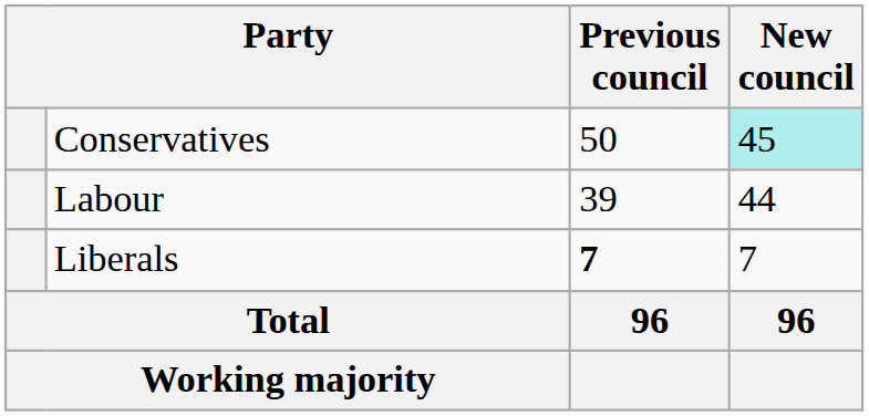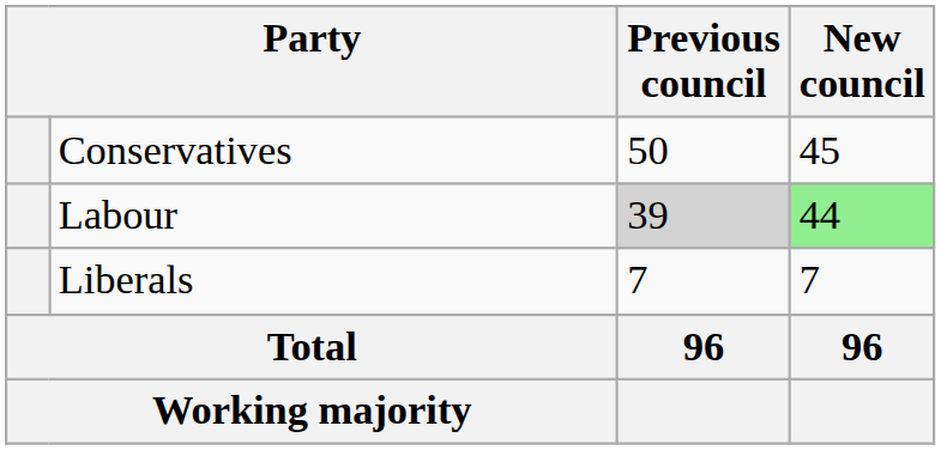 <table class="wikitable">
 <tr>
 <th valign=top colspan="2" style="width: 230px">Party</th>
 <th valign=top style="width: 30px">Previous council</th>
 <th valign=top style="width: 30px">New council</th>
 </tr>
 <tr>
 <th style="background-color: "></th>
 <td>Conservatives</td>
 <td>50</td>
-<td style="background: paleturquoise;">45</td>
+<td>45</td>
 </tr>
 <tr>
 <th style="background-color: "></th>
 <td>Labour</td>
-<td>39</td>
-<td>44</td>
+<td style="background: lightgrey;">39</td>
+<td style="background: lightgreen;">44</td>
 </tr>
 <tr>
 <th style="background-color: "></th>
 <td>Liberals</td>
-<td><strong>7</strong></td>
+<td>7</td>
 <td>7</td>
 </tr>
 <tr>
 <th colspan=2>Total</th>
 <th style="text-align: center">96</th>
 <th colspan=3>96</th>
 </tr>
 <tr>
 <th colspan=2>Working majority</th>
 <th></th>
 <th></th>
 </tr>
 </table>
